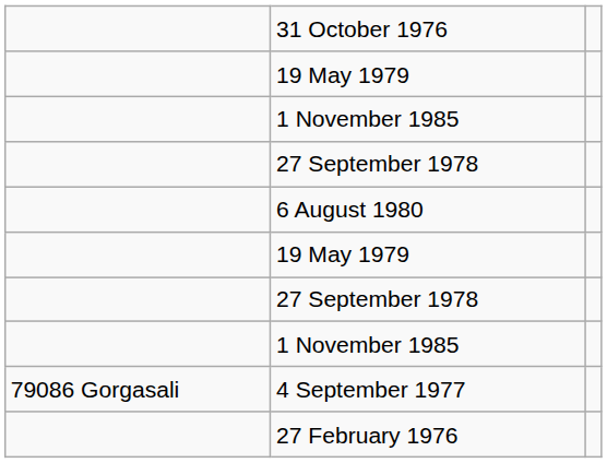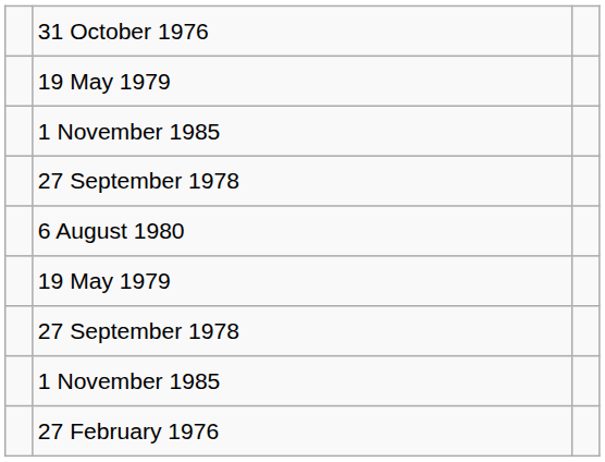 <table class="wikitable" style="font-size: 89%; float: left; width: 26em; margin-right: 1em; height: 280px;">
 <tr>
 <td></td>
 <td>31 October 1976</td>
 <td></td>
 </tr>
 <tr>
 <td></td>
 <td>19 May 1979</td>
 <td></td>
 </tr>
 <tr>
 <td></td>
 <td>1 November 1985</td>
 <td></td>
 </tr>
 <tr>
 <td></td>
 <td>27 September 1978</td>
 <td></td>
 </tr>
 <tr>
 <td></td>
 <td>6 August 1980</td>
 <td></td>
 </tr>
 <tr>
 <td></td>
 <td>19 May 1979</td>
 <td></td>
 </tr>
 <tr>
 <td></td>
 <td>27 September 1978</td>
 <td></td>
 </tr>
 <tr>
 <td></td>
 <td>1 November 1985</td>
 <td></td>
 </tr>
 <tr>
-<td>79086 Gorgasali</td>
-<td>4 September 1977</td>
-<td></td>
-</tr>
-<tr>
 <td></td>
 <td>27 February 1976</td>
 <td></td>
 </tr>
 </table>
